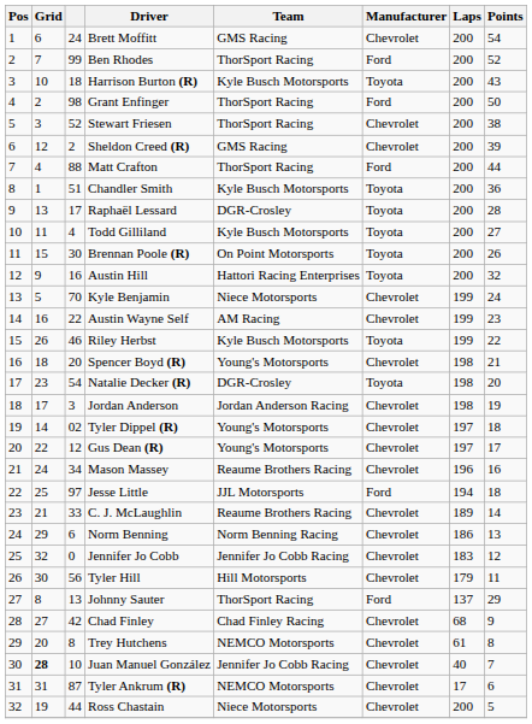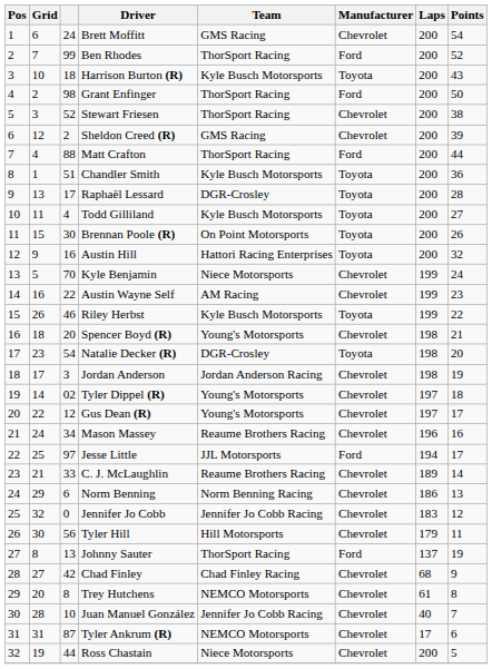 <table class="wikitable" style="font-size:98%">
 <tr>
 <th>Pos</th>
 <th>Grid</th>
 <th></th>
 <th>Driver</th>
 <th>Team</th>
 <th>Manufacturer</th>
 <th>Laps</th>
 <th>Points</th>
 </tr>
 <tr>
 <td>1</td>
 <td>6</td>
 <td>24</td>
 <td>Brett Moffitt</td>
 <td>GMS Racing</td>
 <td>Chevrolet</td>
 <td>200</td>
 <td>54</td>
 </tr>
 <tr>
 <td>2</td>
 <td>7</td>
 <td>99</td>
 <td>Ben Rhodes</td>
 <td>ThorSport Racing</td>
 <td>Ford</td>
 <td>200</td>
 <td>52</td>
 </tr>
 <tr>
 <td>3</td>
 <td>10</td>
 <td>18</td>
 <td>Harrison Burton <strong>(R)</strong></td>
 <td>Kyle Busch Motorsports</td>
 <td>Toyota</td>
 <td>200</td>
 <td>43</td>
 </tr>
 <tr>
 <td>4</td>
 <td>2</td>
 <td>98</td>
 <td>Grant Enfinger</td>
 <td>ThorSport Racing</td>
 <td>Ford</td>
 <td>200</td>
 <td>50</td>
 </tr>
 <tr>
 <td>5</td>
 <td>3</td>
 <td>52</td>
 <td>Stewart Friesen</td>
 <td>ThorSport Racing</td>
 <td>Chevrolet</td>
 <td>200</td>
 <td>38</td>
 </tr>
 <tr>
 <td>6</td>
 <td>12</td>
 <td>2</td>
 <td>Sheldon Creed <strong>(R)</strong></td>
 <td>GMS Racing</td>
 <td>Chevrolet</td>
 <td>200</td>
 <td>39</td>
 </tr>
 <tr>
 <td>7</td>
 <td>4</td>
 <td>88</td>
 <td>Matt Crafton</td>
 <td>ThorSport Racing</td>
 <td>Ford</td>
 <td>200</td>
 <td>44</td>
 </tr>
 <tr>
 <td>8</td>
 <td>1</td>
 <td>51</td>
 <td>Chandler Smith</td>
 <td>Kyle Busch Motorsports</td>
 <td>Toyota</td>
 <td>200</td>
 <td>36</td>
 </tr>
 <tr>
 <td>9</td>
 <td>13</td>
 <td>17</td>
 <td>Raphaël Lessard</td>
 <td>DGR-Crosley</td>
 <td>Toyota</td>
 <td>200</td>
 <td>28</td>
 </tr>
 <tr>
 <td>10</td>
 <td>11</td>
 <td>4</td>
 <td>Todd Gilliland</td>
 <td>Kyle Busch Motorsports</td>
 <td>Toyota</td>
 <td>200</td>
 <td>27</td>
 </tr>
 <tr>
 <td>11</td>
 <td>15</td>
 <td>30</td>
 <td>Brennan Poole <strong>(R)</strong></td>
 <td>On Point Motorsports</td>
 <td>Toyota</td>
 <td>200</td>
 <td>26</td>
 </tr>
 <tr>
 <td>12</td>
 <td>9</td>
 <td>16</td>
 <td>Austin Hill</td>
 <td>Hattori Racing Enterprises</td>
 <td>Toyota</td>
 <td>200</td>
 <td>32</td>
 </tr>
 <tr>
 <td>13</td>
 <td>5</td>
 <td>70</td>
 <td>Kyle Benjamin</td>
 <td>Niece Motorsports</td>
 <td>Chevrolet</td>
 <td>199</td>
 <td>24</td>
 </tr>
 <tr>
 <td>14</td>
 <td>16</td>
 <td>22</td>
 <td>Austin Wayne Self</td>
 <td>AM Racing</td>
 <td>Chevrolet</td>
 <td>199</td>
 <td>23</td>
 </tr>
 <tr>
 <td>15</td>
 <td>26</td>
 <td>46</td>
 <td>Riley Herbst</td>
 <td>Kyle Busch Motorsports</td>
 <td>Toyota</td>
 <td>199</td>
 <td>22</td>
 </tr>
 <tr>
 <td>16</td>
 <td>18</td>
 <td>20</td>
 <td>Spencer Boyd <strong>(R)</strong></td>
 <td>Young's Motorsports</td>
 <td>Chevrolet</td>
 <td>198</td>
 <td>21</td>
 </tr>
 <tr>
 <td>17</td>
 <td>23</td>
 <td>54</td>
 <td>Natalie Decker <strong>(R)</strong></td>
 <td>DGR-Crosley</td>
 <td>Toyota</td>
 <td>198</td>
 <td>20</td>
 </tr>
 <tr>
 <td>18</td>
 <td>17</td>
 <td>3</td>
 <td>Jordan Anderson</td>
 <td>Jordan Anderson Racing</td>
 <td>Chevrolet</td>
 <td>198</td>
 <td>19</td>
 </tr>
 <tr>
 <td>19</td>
 <td>14</td>
 <td>02</td>
 <td>Tyler Dippel <strong>(R)</strong></td>
 <td>Young's Motorsports</td>
 <td>Chevrolet</td>
 <td>197</td>
 <td>18</td>
 </tr>
 <tr>
 <td>20</td>
 <td>22</td>
 <td>12</td>
 <td>Gus Dean <strong>(R)</strong></td>
 <td>Young's Motorsports</td>
 <td>Chevrolet</td>
 <td>197</td>
 <td>17</td>
 </tr>
 <tr>
 <td>21</td>
 <td>24</td>
 <td>34</td>
 <td>Mason Massey</td>
 <td>Reaume Brothers Racing</td>
 <td>Chevrolet</td>
 <td>196</td>
 <td>16</td>
 </tr>
 <tr>
 <td>22</td>
 <td>25</td>
 <td>97</td>
 <td>Jesse Little</td>
 <td>JJL Motorsports</td>
 <td>Ford</td>
 <td>194</td>
-<td>18</td>
+<td>17</td>
 </tr>
 <tr>
 <td>23</td>
 <td>21</td>
 <td>33</td>
 <td>C. J. McLaughlin</td>
 <td>Reaume Brothers Racing</td>
 <td>Chevrolet</td>
 <td>189</td>
 <td>14</td>
 </tr>
 <tr>
 <td>24</td>
 <td>29</td>
 <td>6</td>
 <td>Norm Benning</td>
 <td>Norm Benning Racing</td>
 <td>Chevrolet</td>
 <td>186</td>
 <td>13</td>
 </tr>
 <tr>
 <td>25</td>
 <td>32</td>
 <td>0</td>
 <td>Jennifer Jo Cobb</td>
 <td>Jennifer Jo Cobb Racing</td>
 <td>Chevrolet</td>
 <td>183</td>
 <td>12</td>
 </tr>
 <tr>
 <td>26</td>
 <td>30</td>
 <td>56</td>
 <td>Tyler Hill</td>
 <td>Hill Motorsports</td>
 <td>Chevrolet</td>
 <td>179</td>
 <td>11</td>
 </tr>
 <tr>
 <td>27</td>
 <td>8</td>
 <td>13</td>
 <td>Johnny Sauter</td>
 <td>ThorSport Racing</td>
 <td>Ford</td>
 <td>137</td>
-<td>29</td>
+<td>19</td>
 </tr>
 <tr>
 <td>28</td>
 <td>27</td>
 <td>42</td>
 <td>Chad Finley</td>
 <td>Chad Finley Racing</td>
 <td>Chevrolet</td>
 <td>68</td>
 <td>9</td>
 </tr>
 <tr>
 <td>29</td>
 <td>20</td>
 <td>8</td>
 <td>Trey Hutchens</td>
 <td>NEMCO Motorsports</td>
 <td>Chevrolet</td>
 <td>61</td>
 <td>8</td>
 </tr>
 <tr>
 <td>30</td>
-<td><strong>28</strong></td>
+<td>28</td>
 <td>10</td>
 <td>Juan Manuel González</td>
 <td>Jennifer Jo Cobb Racing</td>
 <td>Chevrolet</td>
 <td>40</td>
 <td>7</td>
 </tr>
 <tr>
 <td>31</td>
 <td>31</td>
 <td>87</td>
 <td>Tyler Ankrum <strong>(R)</strong></td>
 <td>NEMCO Motorsports</td>
 <td>Chevrolet</td>
 <td>17</td>
 <td>6</td>
 </tr>
 <tr>
 <td>32</td>
 <td>19</td>
 <td>44</td>
 <td>Ross Chastain</td>
 <td>Niece Motorsports</td>
 <td>Chevrolet</td>
 <td>200</td>
 <td>5</td>
 </tr>
 <tr>
 </tr>
 </table>
